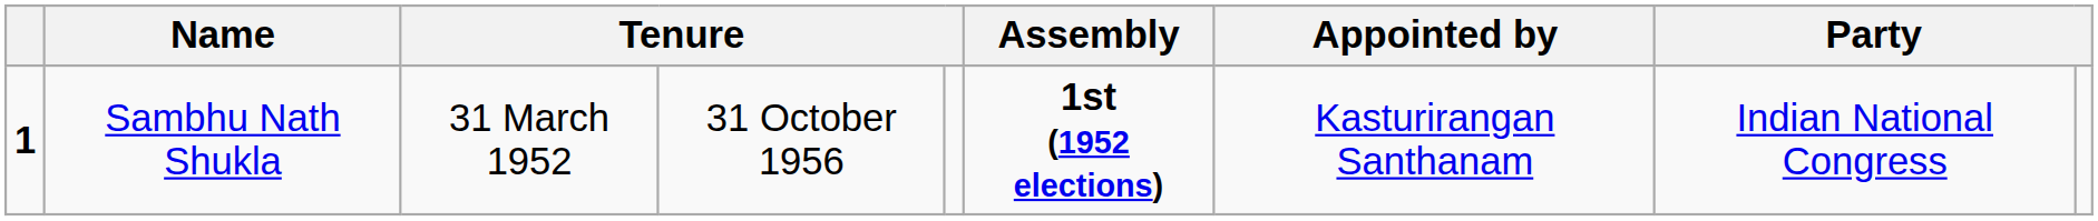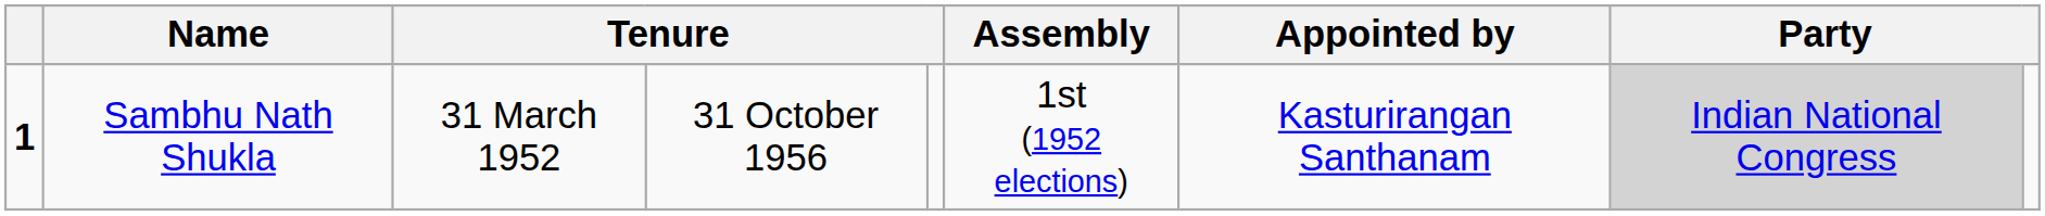 <table class="wikitable" style="text-align:center">
 <tr>
 <th scope="col"></th>
 <th scope="col">Name</th>
 <th colspan="3" scope="col">Tenure</th>
 <th scope="col">Assembly</th>
 <th>Appointed by</th>
 <th colspan="2">Party</th>
 </tr>
 <tr>
 <td scope="row"><strong>1</strong></td>
 <td><a href='#'>Sambhu Nath Shukla</a></td>
 <td>31 March 1952</td>
 <td>31 October 1956</td>
 <td></td>
-<td><strong>1st<br><small> (<a href='#'>1952 elections</a>)</small></strong></td>
+<td>1st<br><small> (<a href='#'>1952 elections</a>)</small></td>
 <td><a href='#'>Kasturirangan Santhanam</a></td>
-<td><a href='#'>Indian National Congress</a></td>
+<td style="background: lightgrey;"><a href='#'>Indian National Congress</a></td>
 <td style="background-color:"></td>
 </tr>
 </table>
